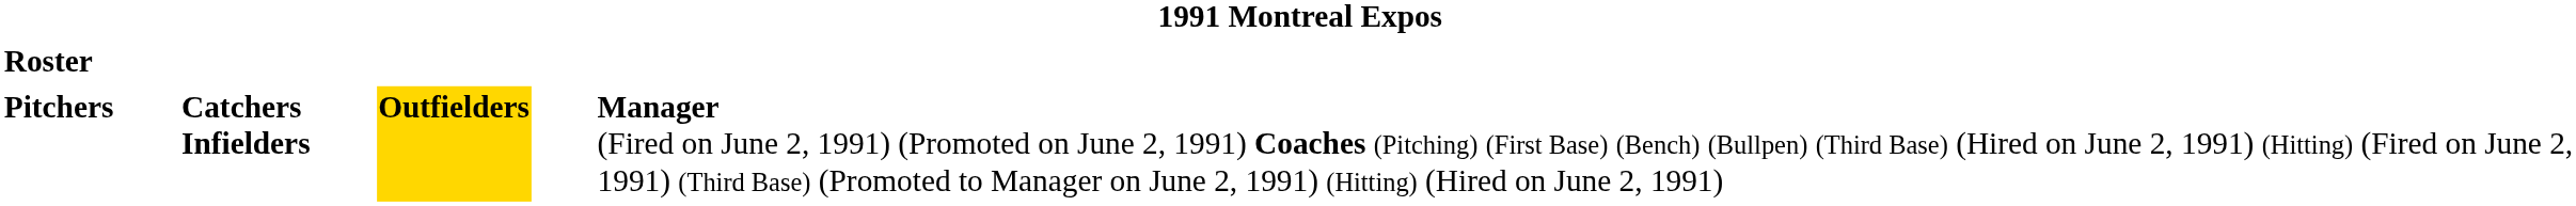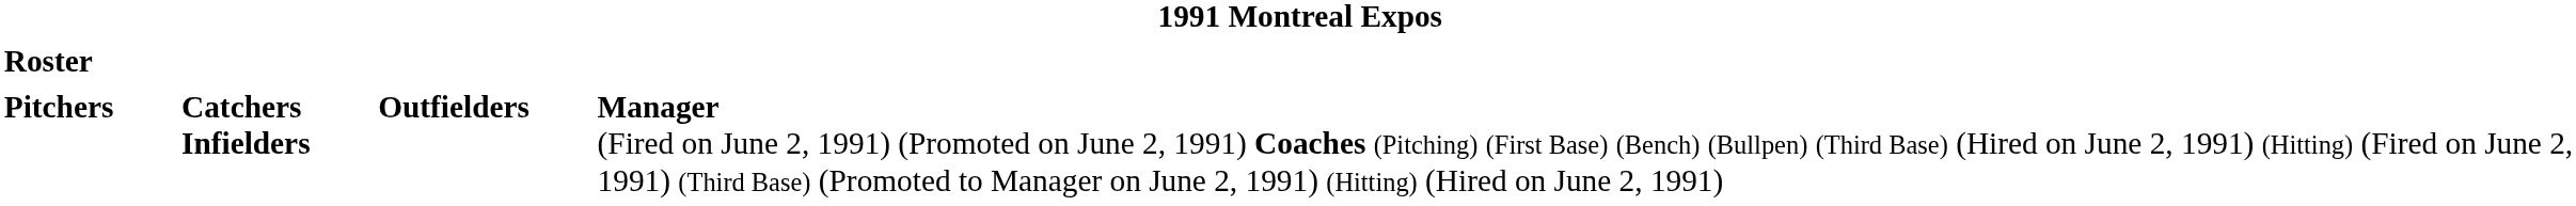 <table class="toccolours" style="font-size: 95%;">
 <tr>
 <th colspan="10">1991 Montreal Expos</th>
 </tr>
 <tr>
 <td colspan="10"><strong>Roster</strong></td>
 </tr>
 <tr>
 <td valign="top"><strong>Pitchers</strong><br>                  </td>
 <td width="25px"></td>
 <td valign="top"><strong>Catchers</strong><br>    <strong>Infielders</strong>      </td>
 <td width="25px"></td>
-<td valign="top" style="background: gold;"><strong>Outfielders</strong><br>        </td>
+<td valign="top"><strong>Outfielders</strong><br>        </td>
 <td width="25px"></td>
 <td valign="top"><strong>Manager</strong><br> (Fired on June 2, 1991)  (Promoted on June 2, 1991) <strong>Coaches</strong>  <small>(Pitching)</small>  <small>(First Base)</small>  <small>(Bench)</small>  <small>(Bullpen)</small>  <small>(Third Base)</small> (Hired on June 2, 1991)  <small>(Hitting)</small> (Fired on June 2, 1991)  <small>(Third Base)</small> (Promoted to Manager on June 2, 1991)  <small>(Hitting)</small> (Hired on June 2, 1991)</td>
 </tr>
 <tr>
 </tr>
 </table>
